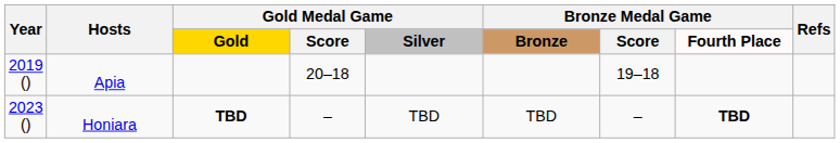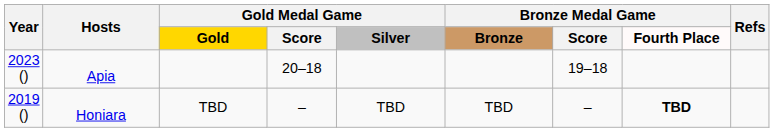 <table class="wikitable" style="border-collapse:collapse; font-size:100%; text-align:center;">
 <tr>
 <th rowspan=2 width=5%>Year</th>
 <th rowspan=2 width=15%>Hosts</th>
 <th colspan=3>Gold Medal Game</th>
 <th colspan=3>Bronze Medal Game</th>
 <th rowspan=2 width=5%>Refs</th>
 </tr>
 <tr>
 <th style="width:14%; background:gold;">Gold</th>
 <th width=9%>Score</th>
 <th style="width:14%; background:silver;">Silver</th>
 <th style="width:14%; background:#cc9966;">Bronze</th>
 <th width=9%>Score</th>
 <th style="width:14%; background:snow;">Fourth Place</th>
 </tr>
 <tr>
-<td><a href='#'>2019</a><br>()</td>
+<td><a href='#'>2023</a><br>()</td>
 <td><br><a href='#'>Apia</a></td>
 <td><strong></strong></td>
 <td>20–18</td>
 <td></td>
 <td></td>
 <td>19–18</td>
 <td></td>
 <td style="line-height:0.7;"></td>
 </tr>
 <tr>
-<td><a href='#'>2023</a><br>()</td>
+<td><a href='#'>2019</a><br>()</td>
 <td><br><a href='#'>Honiara</a></td>
-<td><strong>TBD</strong></td>
+<td>TBD</td>
 <td>–</td>
 <td>TBD</td>
 <td>TBD</td>
 <td>–</td>
 <td><strong>TBD</strong></td>
 </tr>
 </table>
